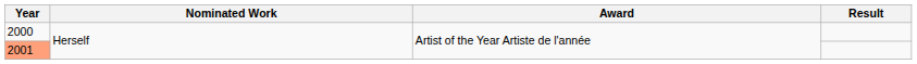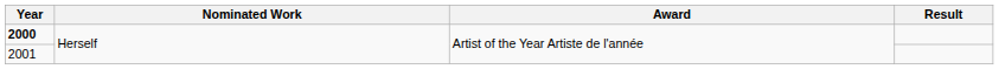 <table class="wikitable" width=100%>
 <tr>
 <th width=5%>Year</th>
 <th width=40%>Nominated Work</th>
 <th width=45%>Award</th>
 <th width=10%>Result</th>
 </tr>
 <tr>
-<td>2000</td>
+<td><strong>2000</strong></td>
 <td rowspan="2">Herself</td>
 <td rowspan="2">Artist of the Year Artiste de l'année</td>
 <td></td>
 </tr>
 <tr>
-<td style="background: lightsalmon;">2001</td>
+<td>2001</td>
 <td></td>
 </tr>
 </table>
